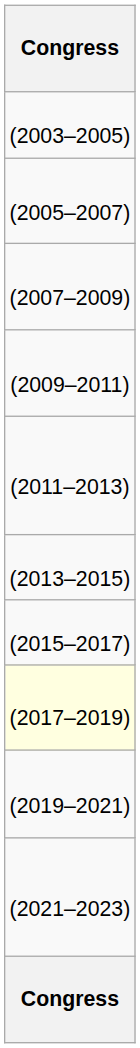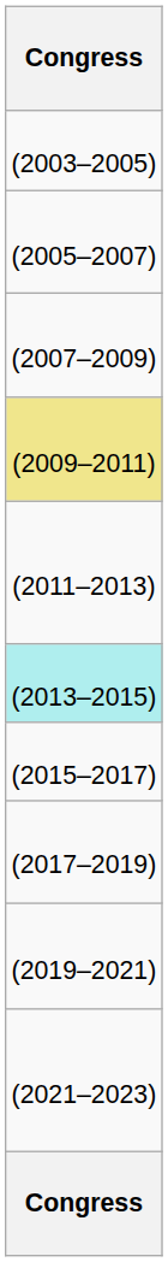 <table class="wikitable" style="float:left; margin:0; margin-right:-0.5px; margin-top:14px; text-align:center;">
 <tr style="white-space:nowrap; height:4.06em;">
 <th>Congress</th>
 </tr>
 <tr style="white-space:nowrap; height:3.12em;">
 <td><strong></strong><br>(2003–2005)</td>
 </tr>
 <tr style="white-space:nowrap; height:4.04em">
 <td><strong></strong><br>(2005–2007)</td>
 </tr>
 <tr style="white-space:nowrap; height:4.04em">
 <td><strong></strong><br>(2007–2009)</td>
 </tr>
 <tr style="white-space:nowrap; height:4.04em">
-<td><strong></strong><br>(2009–2011)</td>
+<td style="background: khaki;"><strong></strong><br>(2009–2011)</td>
 </tr>
 <tr style="white-space:nowrap; height:5.6em">
 <td><strong></strong><br>(2011–2013)</td>
 </tr>
 <tr style="white-space:nowrap; height:3.04em;">
-<td><strong></strong><br>(2013–2015)</td>
+<td style="background: paleturquoise;"><strong></strong><br>(2013–2015)</td>
 </tr>
 <tr style="white-space:nowrap; height:3.04em">
 <td><strong></strong><br>(2015–2017)</td>
 </tr>
 <tr style="white-space:nowrap; height:4.04em">
-<td style="background: lightyellow;"><strong></strong><br>(2017–2019)</td>
+<td><strong></strong><br>(2017–2019)</td>
 </tr>
 <tr style="white-space:nowrap; height:4.1em">
 <td><strong></strong><br>(2019–2021)</td>
 </tr>
 <tr style="white-space:nowrap; height:5.6em">
 <td><strong></strong><br>(2021–2023)</td>
 </tr>
 <tr style="white-space:nowrap; height:4.06em;">
 <th>Congress</th>
 </tr>
 </table>
